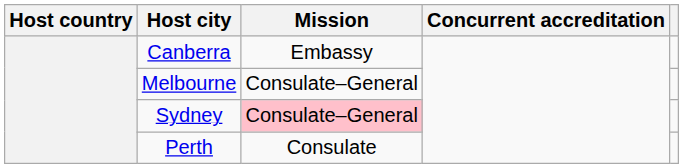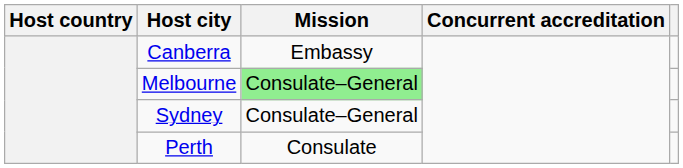 <table class="wikitable plainrowheaders" style="text-align:center;">
 <tr>
 <th scope="col">Host country</th>
 <th scope="col">Host city</th>
 <th scope="col">Mission</th>
 <th scope="col">Concurrent accreditation</th>
 <th scope="col"></th>
 </tr>
 <tr>
 <th scope="row" rowspan="4"></th>
 <td><a href='#'>Canberra</a></td>
 <td>Embassy</td>
 <td rowspan="4"></td>
 <td></td>
 </tr>
 <tr>
 <td><a href='#'>Melbourne</a></td>
-<td>Consulate–General</td>
+<td style="background: lightgreen;">Consulate–General</td>
 <td></td>
 </tr>
 <tr>
 <td><a href='#'>Sydney</a></td>
-<td style="background: pink;">Consulate–General</td>
+<td>Consulate–General</td>
 <td></td>
 </tr>
 <tr>
 <td><a href='#'>Perth</a></td>
 <td>Consulate</td>
 <td></td>
 </tr>
 </table>
